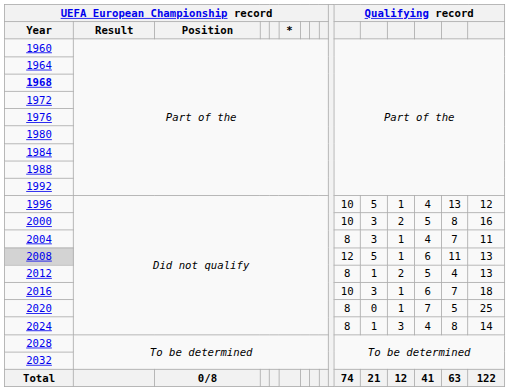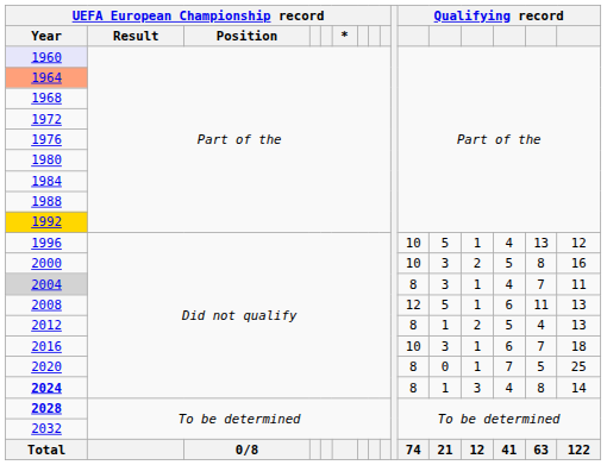 <table class="wikitable" style="text-align: center;">
 <tr>
 <th colspan=9><a href='#'>UEFA European Championship</a> record</th>
 <th style="width:1%;" rowspan=22></th>
 <th colspan=6><a href='#'>Qualifying</a> record</th>
 </tr>
 <tr>
 <th>Year</th>
 <th>Result</th>
 <th>Position</th>
 <th></th>
 <th></th>
 <th>*</th>
 <th></th>
 <th></th>
 <th></th>
 <th></th>
 <th></th>
 <th></th>
 <th></th>
 <th></th>
 <th></th>
 </tr>
 <tr>
-<td> <a href='#'>1960</a></td>
+<td style="background: lavender;"> <a href='#'>1960</a></td>
 <td colspan=8 rowspan=9><em>Part of the </em></td>
 <td colspan=6 rowspan=9><em>Part of the </em></td>
 </tr>
 <tr>
-<td> <a href='#'>1964</a></td>
+<td style="background: lightsalmon;"> <a href='#'>1964</a></td>
 </tr>
 <tr>
-<td><strong> <a href='#'>1968</a></strong></td>
+<td> <a href='#'>1968</a></td>
 </tr>
 <tr>
 <td> <a href='#'>1972</a></td>
 </tr>
 <tr>
 <td> <a href='#'>1976</a></td>
 </tr>
 <tr>
 <td> <a href='#'>1980</a></td>
 </tr>
 <tr>
 <td> <a href='#'>1984</a></td>
 </tr>
 <tr>
 <td> <a href='#'>1988</a></td>
 </tr>
 <tr>
-<td> <a href='#'>1992</a></td>
+<td style="background: gold;"> <a href='#'>1992</a></td>
 </tr>
 <tr>
 <td> <a href='#'>1996</a></td>
 <td colspan=8 rowspan=8><em>Did not qualify</em></td>
 <td>10</td>
 <td>5</td>
 <td>1</td>
 <td>4</td>
 <td>13</td>
 <td>12</td>
 </tr>
 <tr>
 <td>  <a href='#'>2000</a></td>
 <td>10</td>
 <td>3</td>
 <td>2</td>
 <td>5</td>
 <td>8</td>
 <td>16</td>
 </tr>
 <tr>
-<td> <a href='#'>2004</a></td>
+<td style="background: lightgrey;"> <a href='#'>2004</a></td>
 <td>8</td>
 <td>3</td>
 <td>1</td>
 <td>4</td>
 <td>7</td>
 <td>11</td>
 </tr>
 <tr>
-<td style="background: lightgrey;">  <a href='#'>2008</a></td>
+<td>  <a href='#'>2008</a></td>
 <td>12</td>
 <td>5</td>
 <td>1</td>
 <td>6</td>
 <td>11</td>
 <td>13</td>
 </tr>
 <tr>
 <td>  <a href='#'>2012</a></td>
 <td>8</td>
 <td>1</td>
 <td>2</td>
 <td>5</td>
 <td>4</td>
 <td>13</td>
 </tr>
 <tr>
 <td> <a href='#'>2016</a></td>
 <td>10</td>
 <td>3</td>
 <td>1</td>
 <td>6</td>
 <td>7</td>
 <td>18</td>
 </tr>
 <tr>
 <td> <a href='#'>2020</a></td>
 <td>8</td>
 <td>0</td>
 <td>1</td>
 <td>7</td>
 <td>5</td>
 <td>25</td>
 </tr>
 <tr>
-<td> <a href='#'>2024</a></td>
+<td><strong> <a href='#'>2024</a></strong></td>
 <td>8</td>
 <td>1</td>
 <td>3</td>
 <td>4</td>
 <td>8</td>
 <td>14</td>
 </tr>
 <tr>
-<td>  <a href='#'>2028</a></td>
+<td><strong>  <a href='#'>2028</a></strong></td>
 <td colspan=8 rowspan=2><em>To be determined</em></td>
 <td colspan=6 rowspan=2><em>To be determined</em></td>
 </tr>
 <tr>
 <td>  <a href='#'>2032</a></td>
 </tr>
 <tr>
 <th>Total</th>
 <th></th>
 <th>0/8</th>
 <th></th>
 <th></th>
 <th></th>
 <th></th>
 <th></th>
 <th></th>
 <th>74</th>
 <th>21</th>
 <th>12</th>
 <th>41</th>
 <th>63</th>
 <th>122</th>
 </tr>
 </table>
